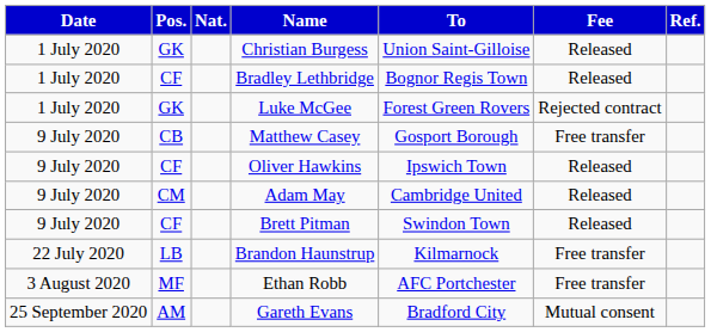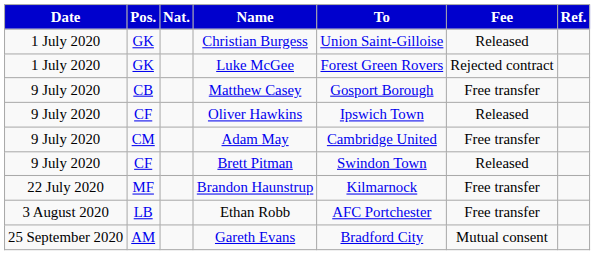 <table class="wikitable"  style="text-align:center; font-size:90%; ">
 <tr>
 <th style="background:mediumblue;color:white;">Date</th>
 <th style="background:mediumblue;color:white;">Pos.</th>
 <th style="background:mediumblue;color:white;">Nat.</th>
 <th style="background:mediumblue;color:white;">Name</th>
 <th style="background:mediumblue;color:white;">To</th>
 <th style="background:mediumblue;color:white;">Fee</th>
 <th style="background:mediumblue;color:white;">Ref.</th>
 </tr>
 <tr>
 <td>1 July 2020</td>
 <td><a href='#'>GK</a></td>
 <td></td>
 <td><a href='#'>Christian Burgess</a></td>
 <td> <a href='#'>Union Saint-Gilloise</a></td>
-<td>Released</td>
-<td></td>
-</tr>
-<tr>
-<td>1 July 2020</td>
-<td><a href='#'>CF</a></td>
-<td></td>
-<td><a href='#'>Bradley Lethbridge</a></td>
-<td> <a href='#'>Bognor Regis Town</a></td>
 <td>Released</td>
 <td></td>
 </tr>
 <tr>
 <td>1 July 2020</td>
 <td><a href='#'>GK</a></td>
 <td></td>
 <td><a href='#'>Luke McGee</a></td>
 <td> <a href='#'>Forest Green Rovers</a></td>
 <td>Rejected contract</td>
 <td></td>
 </tr>
 <tr>
 <td>9 July 2020</td>
 <td><a href='#'>CB</a></td>
 <td></td>
 <td><a href='#'>Matthew Casey</a></td>
 <td> <a href='#'>Gosport Borough</a></td>
 <td>Free transfer</td>
 <td></td>
 </tr>
 <tr>
 <td>9 July 2020</td>
 <td><a href='#'>CF</a></td>
 <td></td>
 <td><a href='#'>Oliver Hawkins</a></td>
 <td> <a href='#'>Ipswich Town</a></td>
 <td>Released</td>
 <td></td>
 </tr>
 <tr>
 <td>9 July 2020</td>
 <td><a href='#'>CM</a></td>
 <td></td>
 <td><a href='#'>Adam May</a></td>
 <td> <a href='#'>Cambridge United</a></td>
-<td>Released</td>
+<td>Free transfer</td>
 <td></td>
 </tr>
 <tr>
 <td>9 July 2020</td>
 <td><a href='#'>CF</a></td>
 <td></td>
 <td><a href='#'>Brett Pitman</a></td>
 <td> <a href='#'>Swindon Town</a></td>
 <td>Released</td>
 <td></td>
 </tr>
 <tr>
 <td>22 July 2020</td>
-<td><a href='#'>LB</a></td>
+<td><a href='#'>MF</a></td>
 <td></td>
 <td><a href='#'>Brandon Haunstrup</a></td>
 <td> <a href='#'>Kilmarnock</a></td>
 <td>Free transfer</td>
 <td></td>
 </tr>
 <tr>
 <td>3 August 2020</td>
-<td><a href='#'>MF</a></td>
+<td><a href='#'>LB</a></td>
 <td></td>
 <td>Ethan Robb</td>
 <td> <a href='#'>AFC Portchester</a></td>
 <td>Free transfer</td>
 <td></td>
 </tr>
 <tr>
 <td>25 September 2020</td>
 <td><a href='#'>AM</a></td>
 <td></td>
 <td><a href='#'>Gareth Evans</a></td>
 <td> <a href='#'>Bradford City</a></td>
 <td>Mutual consent</td>
 <td></td>
 </tr>
 </table>
